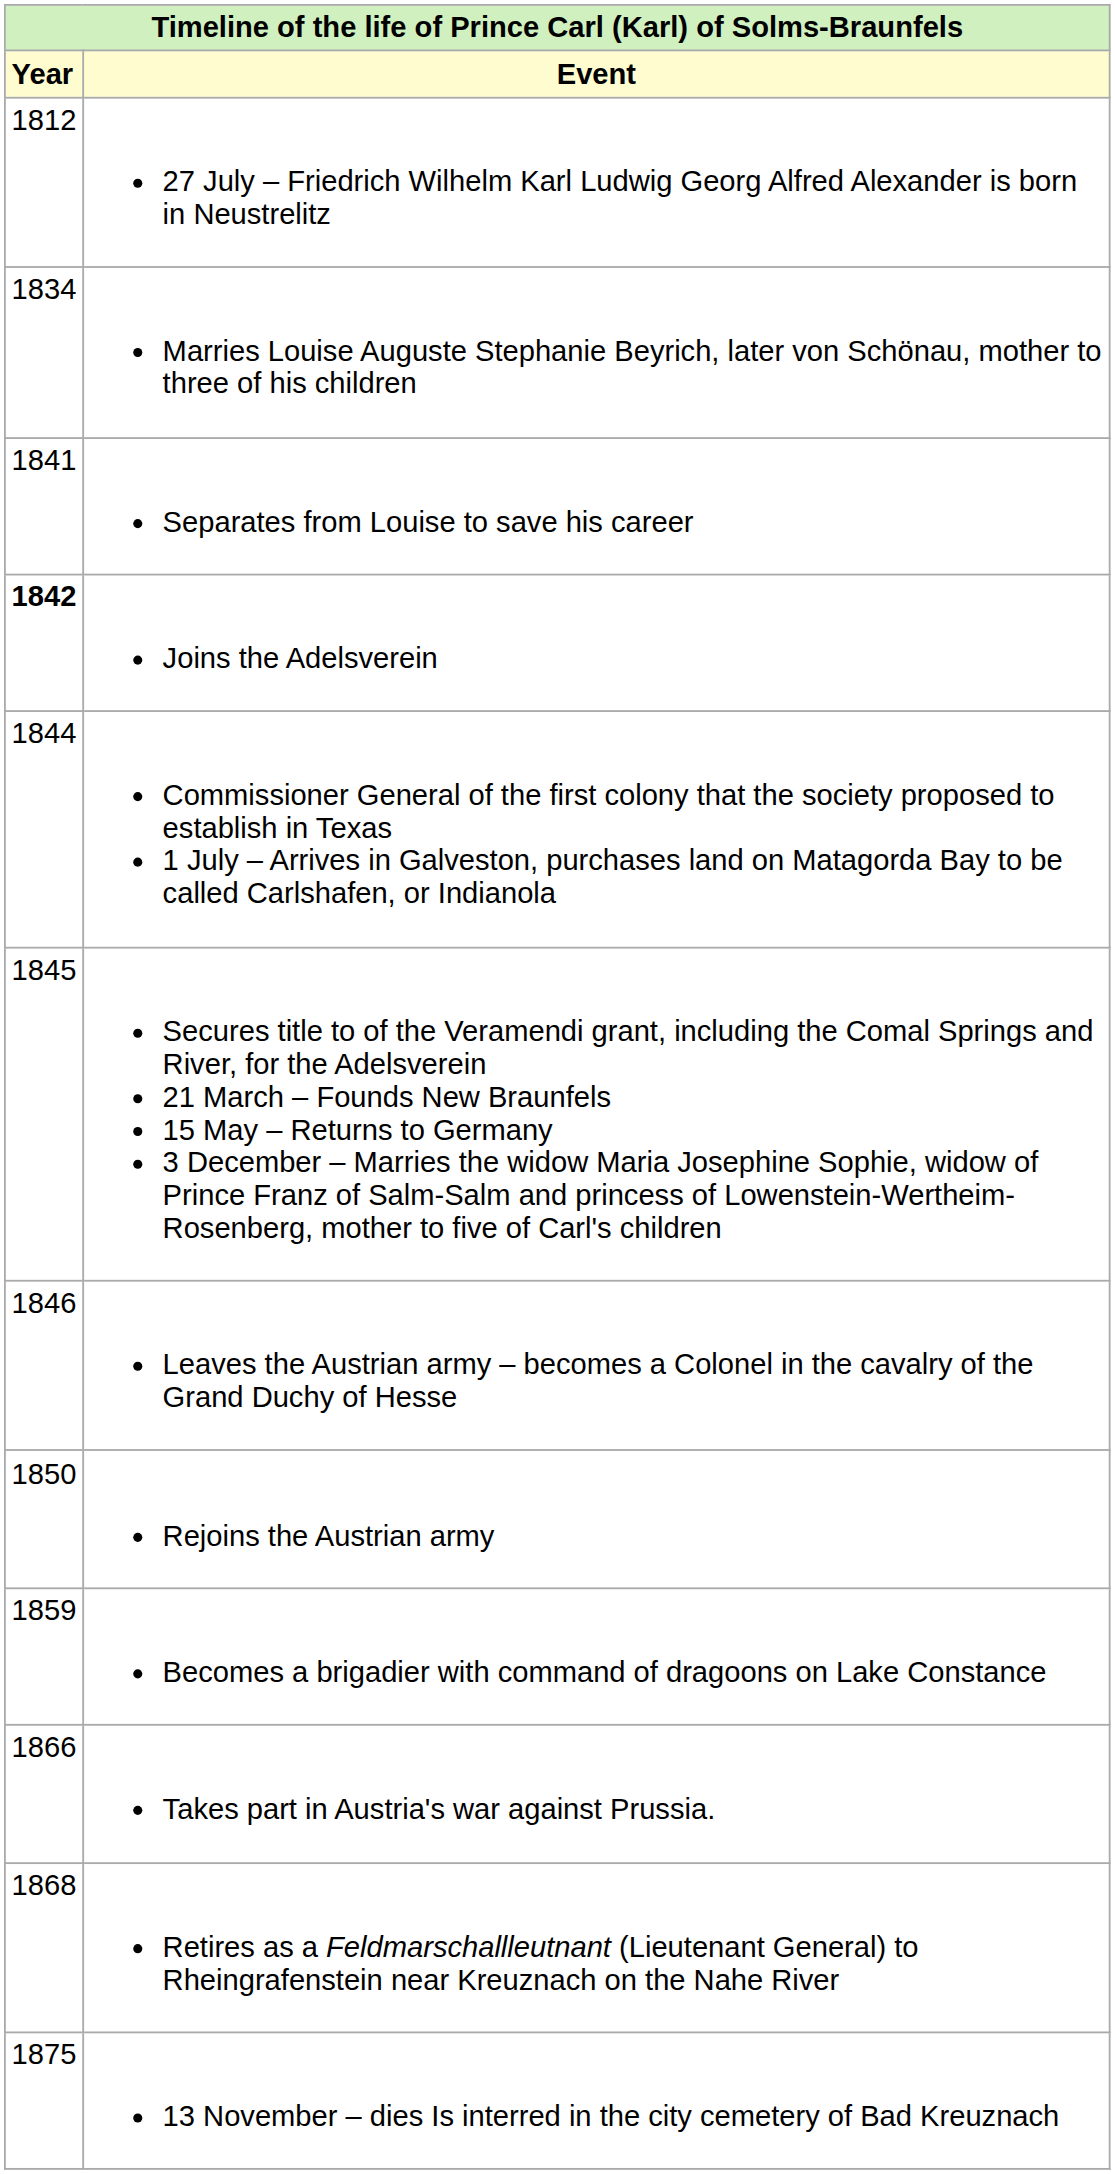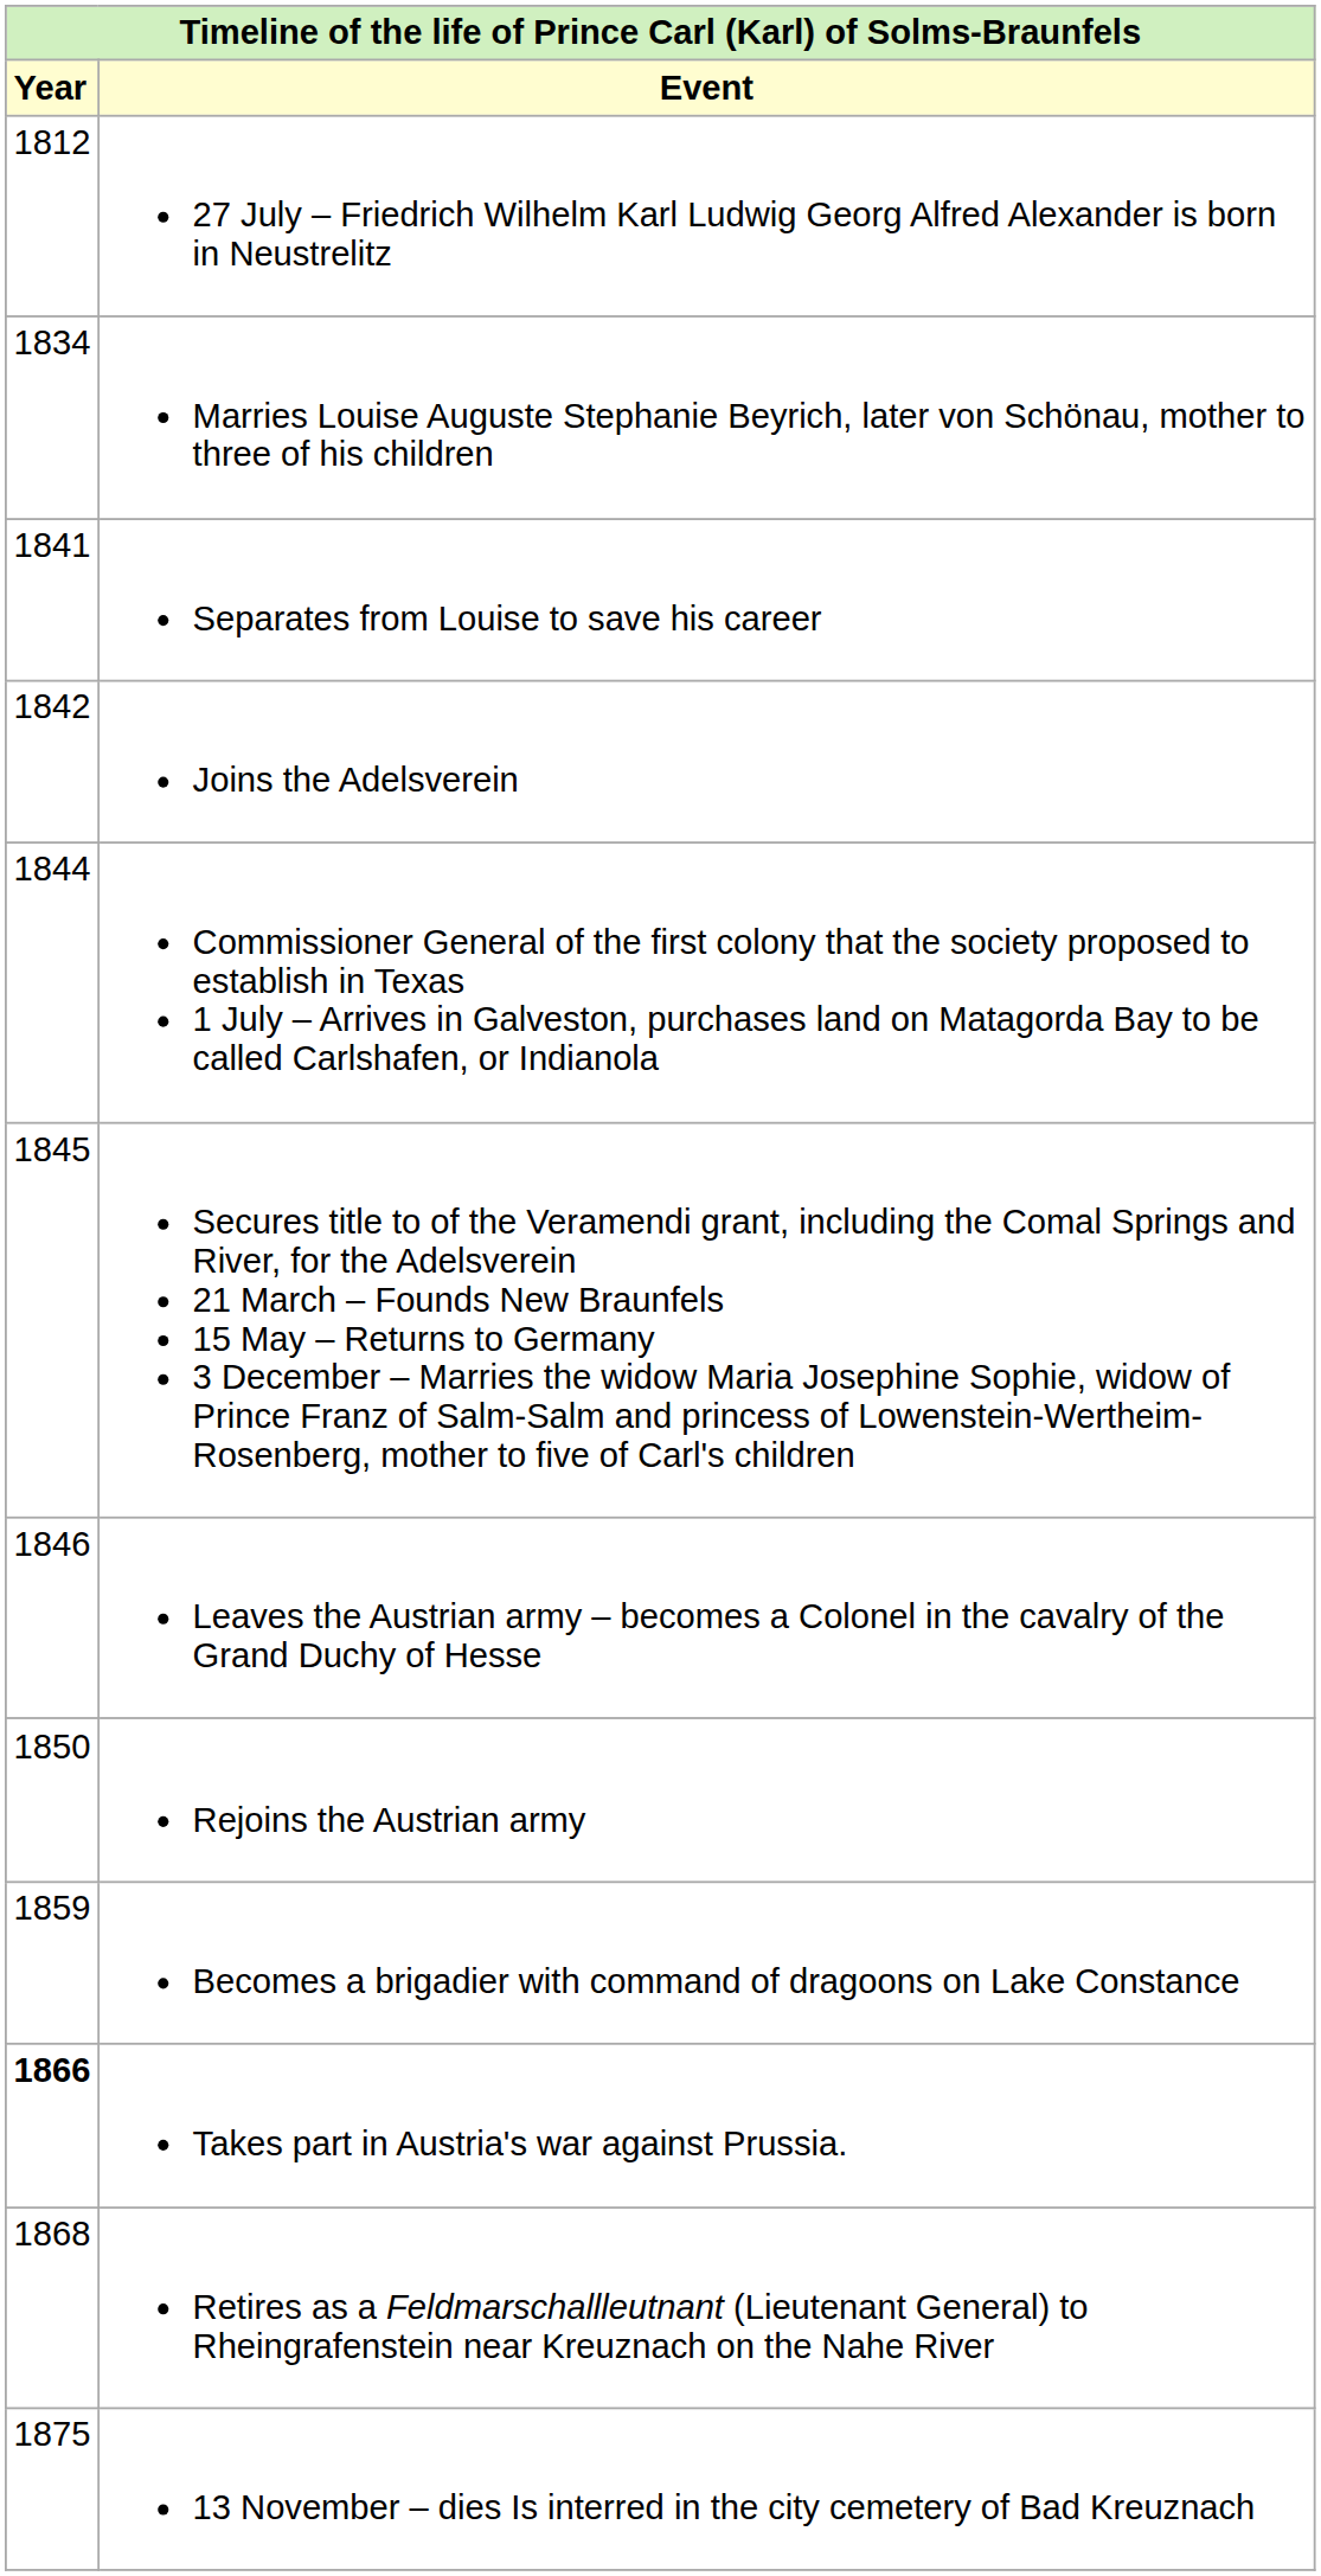 <table class="wikitable" | border="1" style="background:white" style="font-size: 100%;">
 <tr>
 <th colspan="3" align="center" style="background:#d0f0c0;">Timeline of the life of Prince Carl (Karl) of Solms-Braunfels</th>
 </tr>
 <tr valign="top">
 <td style="background:#FFFDD0;"><strong>Year</strong></td>
 <th style="background:#FFFDD0;">Event</th>
 </tr>
 <tr valign="top" | style="font-size: 100%;">
 <td>1812</td>
 <td><br><ul><li>27 July – Friedrich Wilhelm Karl Ludwig Georg Alfred Alexander is born in Neustrelitz</li></ul></td>
 </tr>
 <tr valign="top" | style="font-size: 100%;">
 <td>1834</td>
 <td><br><ul><li>Marries Louise Auguste Stephanie Beyrich, later von Schönau, mother to three of his children</li></ul></td>
 </tr>
 <tr valign="top" | style="font-size: 100%;">
 <td>1841</td>
 <td><br><ul><li>Separates from Louise to save his career</li></ul></td>
 </tr>
 <tr valign="top" | style="font-size: 100%;">
-<td><strong>1842</strong></td>
+<td>1842</td>
 <td><br><ul><li>Joins the Adelsverein</li></ul></td>
 </tr>
 <tr valign="top" | style="font-size: 100%;">
 <td>1844</td>
 <td><br><ul><li>Commissioner General of the first colony that the society proposed to establish in Texas</li><li>1 July – Arrives in Galveston, purchases land on Matagorda Bay to be called Carlshafen, or Indianola</li></ul></td>
 </tr>
 <tr valign="top" | style="font-size: 100%;">
 <td>1845</td>
 <td><br><ul><li>Secures title to  of the Veramendi grant, including the Comal Springs and River, for the Adelsverein</li><li>21 March – Founds New Braunfels</li><li>15 May – Returns to Germany</li><li>3 December – Marries the widow Maria Josephine Sophie, widow of Prince Franz of Salm-Salm and princess of Lowenstein-Wertheim-Rosenberg, mother to five of Carl's children</li></ul></td>
 </tr>
 <tr valign="top" | style="font-size: 100%;">
 <td>1846</td>
 <td><br><ul><li>Leaves the Austrian army – becomes a Colonel in the cavalry of the Grand Duchy of Hesse</li></ul></td>
 </tr>
 <tr valign="top" | style="font-size: 100%;">
 <td>1850</td>
 <td><br><ul><li>Rejoins the Austrian army</li></ul></td>
 </tr>
 <tr valign="top" | style="font-size: 100%;">
 <td>1859</td>
 <td><br><ul><li>Becomes a brigadier with command of dragoons on Lake Constance</li></ul></td>
 </tr>
 <tr valign="top" | style="font-size: 100%;">
-<td>1866</td>
+<td><strong>1866</strong></td>
 <td><br><ul><li>Takes part in Austria's war against Prussia.</li></ul></td>
 </tr>
 <tr valign="top" | style="font-size: 100%;">
 <td>1868</td>
 <td><br><ul><li>Retires as a <em>Feldmarschallleutnant</em> (Lieutenant General) to Rheingrafenstein near Kreuznach on the Nahe River</li></ul></td>
 </tr>
 <tr valign="top" | style="font-size: 100%;">
 <td>1875</td>
 <td><br><ul><li>13 November – dies Is interred in the city cemetery of Bad Kreuznach</li></ul></td>
 </tr>
 </table>
